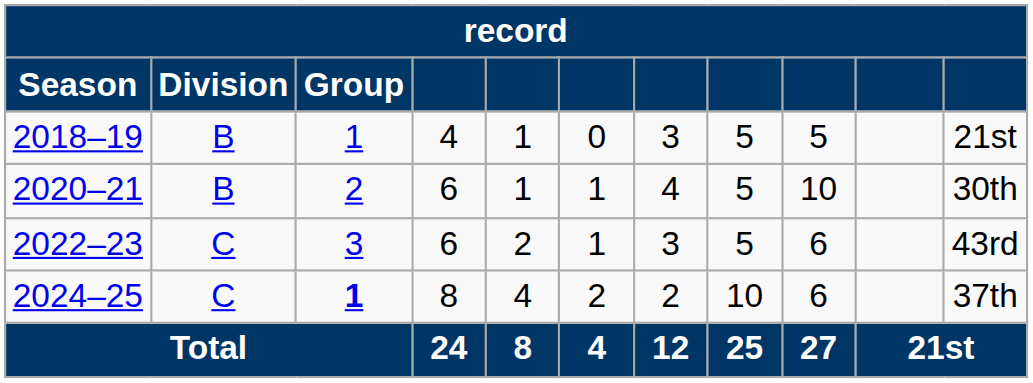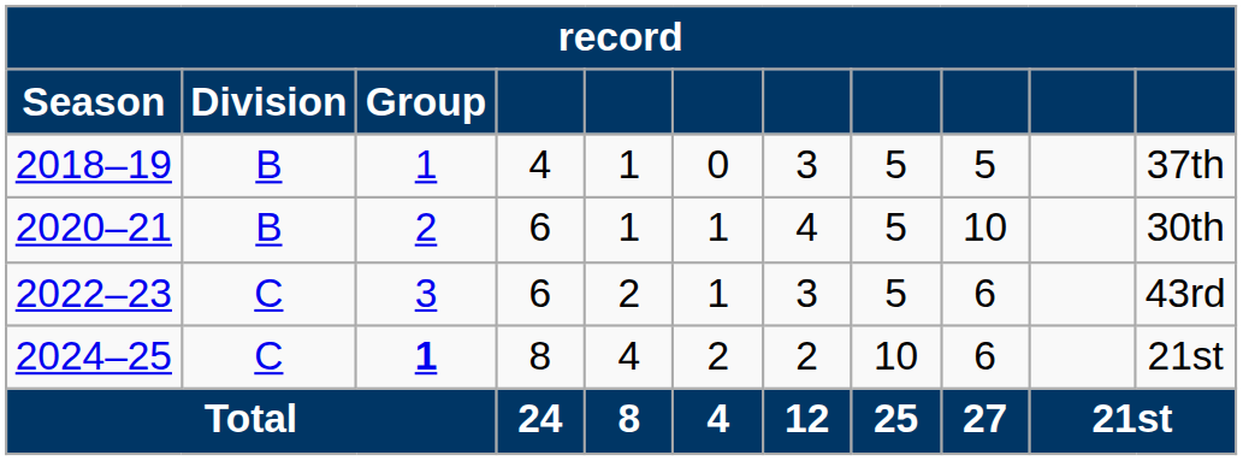 <table class="wikitable" style="text-align:center;">
 <tr>
 <th colspan=11 style="background:#003665; color:white; "><a href='#'></a> record</th>
 </tr>
 <tr>
 <th style="background:#003665; color:white; ">Season</th>
 <th style="background:#003665; color:white; ">Division</th>
 <th style="background:#003665; color:white; ">Group</th>
 <th width="28" style="background:#003665; color:white; "></th>
 <th width="28" style="background:#003665; color:white; "></th>
 <th width="28" style="background:#003665; color:white; "></th>
 <th width="28" style="background:#003665; color:white; "></th>
 <th width="28" style="background:#003665; color:white; "></th>
 <th width="28" style="background:#003665; color:white; "></th>
 <th width="35" style="background:#003665; color:white; "></th>
 <th width="28" style="background:#003665; color:white; "></th>
 </tr>
 <tr>
 <td><a href='#'>2018–19</a></td>
 <td><a href='#'>B</a></td>
 <td><a href='#'>1</a></td>
 <td>4</td>
 <td>1</td>
 <td>0</td>
 <td>3</td>
 <td>5</td>
 <td>5</td>
 <td></td>
-<td>21st</td>
+<td>37th</td>
 </tr>
 <tr>
 <td><a href='#'>2020–21</a></td>
 <td><a href='#'>B</a></td>
 <td><a href='#'>2</a></td>
 <td>6</td>
 <td>1</td>
 <td>1</td>
 <td>4</td>
 <td>5</td>
 <td>10</td>
 <td></td>
 <td>30th</td>
 </tr>
 <tr>
 <td><a href='#'>2022–23</a></td>
 <td><a href='#'>C</a></td>
 <td><a href='#'>3</a></td>
 <td>6</td>
 <td>2</td>
 <td>1</td>
 <td>3</td>
 <td>5</td>
 <td>6</td>
 <td></td>
 <td>43rd</td>
 </tr>
 <tr>
 <td><a href='#'>2024–25</a></td>
 <td><a href='#'>C</a></td>
 <td><strong><a href='#'>1</a></strong></td>
 <td>8</td>
 <td>4</td>
 <td>2</td>
 <td>2</td>
 <td>10</td>
 <td>6</td>
 <td></td>
-<td>37th</td>
+<td>21st</td>
 </tr>
 <tr>
 <th colspan=3 style="background:#003665; color:white; ">Total</th>
 <th style="background:#003665; color:white; ">24</th>
 <th style="background:#003665; color:white; ">8</th>
 <th style="background:#003665; color:white; ">4</th>
 <th style="background:#003665; color:white; ">12</th>
 <th style="background:#003665; color:white; ">25</th>
 <th style="background:#003665; color:white; ">27</th>
 <th colspan=2 style="background:#003665; color:white; ">21st</th>
 </tr>
 </table>
